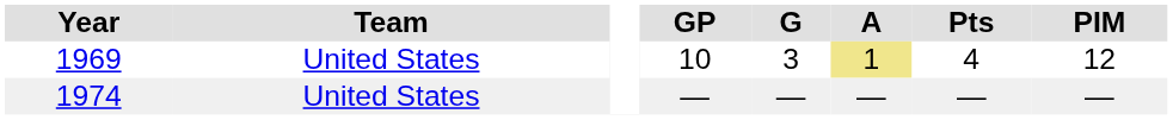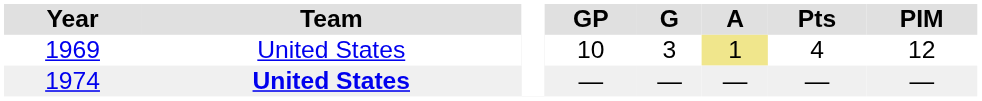 <table border="0" cellpadding="1" cellspacing="0" style="text-align:center; width:50%">
 <tr ALIGN="center" bgcolor="#e0e0e0">
 <th>Year</th>
 <th>Team</th>
 <th ALIGN="center" rowspan="99" bgcolor="#ffffff"> </th>
 <th>GP</th>
 <th>G</th>
 <th>A</th>
 <th>Pts</th>
 <th>PIM</th>
 </tr>
 <tr ALIGN="center">
 <td><a href='#'>1969</a></td>
 <td><a href='#'>United States</a></td>
 <td>10</td>
 <td>3</td>
 <td style="background: khaki;">1</td>
 <td>4</td>
 <td>12</td>
 </tr>
 <tr ALIGN="center" bgcolor=f0f0f0>
 <td><a href='#'>1974</a></td>
-<td><a href='#'>United States</a></td>
+<td><strong><a href='#'>United States</a></strong></td>
 <td>—</td>
 <td>—</td>
 <td>—</td>
 <td>—</td>
 <td>—</td>
 </tr>
 <tr>
 </tr>
 </table>
